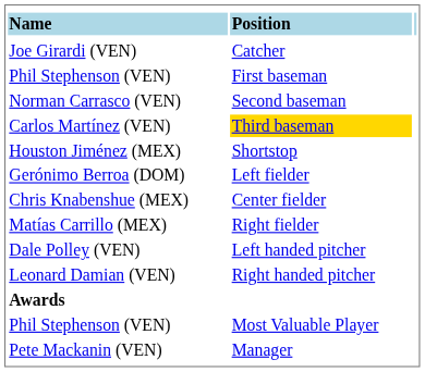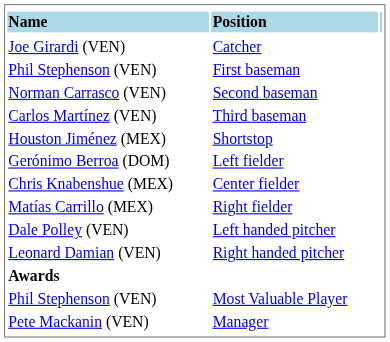 <table cellpadding="1" width="350px" style="font-size: 90%; border: 1px solid gray;">
 <tr align="center" style="font-size: larger;">
 <td colspan=6></td>
 </tr>
 <tr style="background:lightblue;">
 <td><strong>Name</strong></td>
 <td><strong>Position</strong></td>
 <td></td>
 </tr>
 <tr align="center" style="vertical-align: middle;" style="background:lightblue;">
 </tr>
 <tr>
 <td><a href='#'>Joe Girardi</a> (VEN)</td>
 <td><a href='#'>Catcher</a></td>
 </tr>
 <tr>
 <td><a href='#'>Phil Stephenson</a> (VEN)</td>
 <td><a href='#'>First baseman</a></td>
 </tr>
 <tr>
 <td><a href='#'>Norman Carrasco</a> (VEN)</td>
 <td><a href='#'>Second baseman</a></td>
 </tr>
 <tr>
 <td><a href='#'>Carlos Martínez</a> (VEN)</td>
-<td style="background: gold;"><a href='#'>Third baseman</a></td>
+<td><a href='#'>Third baseman</a></td>
 </tr>
 <tr>
 <td><a href='#'>Houston Jiménez</a> (MEX)</td>
 <td><a href='#'>Shortstop</a></td>
 </tr>
 <tr>
 <td><a href='#'>Gerónimo Berroa</a> (DOM)</td>
 <td><a href='#'>Left fielder</a></td>
 </tr>
 <tr>
 <td><a href='#'>Chris Knabenshue</a> (MEX)</td>
 <td><a href='#'>Center fielder</a></td>
 </tr>
 <tr>
 <td><a href='#'>Matías Carrillo</a> (MEX)</td>
 <td><a href='#'>Right fielder</a></td>
 </tr>
 <tr>
 <td><a href='#'>Dale Polley</a> (VEN)</td>
 <td><a href='#'>Left handed pitcher</a></td>
 </tr>
 <tr>
 <td><a href='#'>Leonard Damian</a> (VEN)</td>
 <td><a href='#'>Right handed pitcher</a></td>
 </tr>
 <tr>
 <td><strong>Awards</strong></td>
 </tr>
 <tr>
 <td><a href='#'>Phil Stephenson</a> (VEN)</td>
 <td><a href='#'>Most Valuable Player</a></td>
 </tr>
 <tr>
 <td><a href='#'>Pete Mackanin</a> (VEN)</td>
 <td><a href='#'>Manager</a></td>
 </tr>
 <tr>
 </tr>
 </table>
